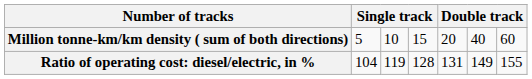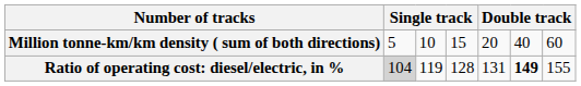 <table border="1" class=wikitable>
 <tr>
 <th>Number of tracks</th>
 <th colspan=3>Single track</th>
 <th colspan=3>Double track</th>
 </tr>
 <tr>
 <th>Million tonne-km/km density ( sum of both directions)</th>
 <td>5</td>
 <td>10</td>
 <td>15</td>
 <td>20</td>
 <td>40</td>
 <td>60</td>
 </tr>
 <tr>
 <th>Ratio of operating cost: diesel/electric, in %</th>
-<td>104</td>
+<td style="background: lightgrey;">104</td>
 <td>119</td>
 <td>128</td>
 <td>131</td>
-<td>149</td>
+<td><strong>149</strong></td>
 <td>155</td>
 </tr>
 </table>
